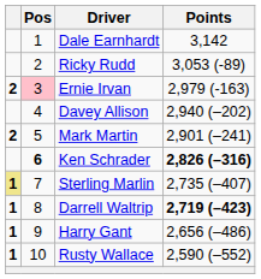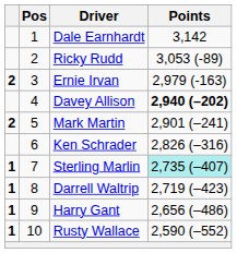 <table class="wikitable" style="font-size: 95%;">
 <tr>
 <th></th>
 <th>Pos</th>
 <th>Driver</th>
 <th>Points</th>
 </tr>
 <tr>
 <td align="left"></td>
 <td style="text-align:center;">1</td>
 <td><a href='#'>Dale Earnhardt</a></td>
 <td style="text-align:center;">3,142</td>
 </tr>
 <tr>
 <td align="left"></td>
 <td style="text-align:center;">2</td>
 <td><a href='#'>Ricky Rudd</a></td>
 <td style="text-align:center;">3,053 (-89)</td>
 </tr>
 <tr>
 <td align="left"> <strong>2</strong></td>
-<td style="background: pink; text-align:center;">3</td>
+<td style="text-align:center;">3</td>
 <td><a href='#'>Ernie Irvan</a></td>
 <td style="text-align:center;">2,979 (-163)</td>
 </tr>
 <tr>
 <td align="left"></td>
 <td style="text-align:center;">4</td>
 <td><a href='#'>Davey Allison</a></td>
-<td style="text-align:center;">2,940 (–202)</td>
+<td style="text-align:center;"><strong>2,940 (–202)</strong></td>
 </tr>
 <tr>
 <td align="left"> <strong>2</strong></td>
 <td style="text-align:center;">5</td>
 <td><a href='#'>Mark Martin</a></td>
 <td style="text-align:center;">2,901 (–241)</td>
 </tr>
 <tr>
 <td align="left"></td>
-<td style="text-align:center;"><strong>6</strong></td>
+<td style="text-align:center;">6</td>
 <td><a href='#'>Ken Schrader</a></td>
-<td style="text-align:center;"><strong>2,826 (–316)</strong></td>
+<td style="text-align:center;">2,826 (–316)</td>
 </tr>
 <tr>
-<td align="left" style="background: khaki;"> <strong>1</strong></td>
+<td align="left"> <strong>1</strong></td>
 <td style="text-align:center;">7</td>
 <td><a href='#'>Sterling Marlin</a></td>
-<td style="text-align:center;">2,735 (–407)</td>
+<td style="background: paleturquoise; text-align:center;">2,735 (–407)</td>
 </tr>
 <tr>
 <td align="left"> <strong>1</strong></td>
 <td style="text-align:center;">8</td>
 <td><a href='#'>Darrell Waltrip</a></td>
-<td style="text-align:center;"><strong>2,719 (–423)</strong></td>
+<td style="text-align:center;">2,719 (–423)</td>
 </tr>
 <tr>
 <td align="left"> <strong>1</strong></td>
 <td style="text-align:center;">9</td>
 <td><a href='#'>Harry Gant</a></td>
 <td style="text-align:center;">2,656 (–486)</td>
 </tr>
 <tr>
 <td align="left"> <strong>1</strong></td>
 <td style="text-align:center;">10</td>
 <td><a href='#'>Rusty Wallace</a></td>
 <td style="text-align:center;">2,590 (–552)</td>
 </tr>
 <tr class="sortbottom">
 <th colspan="9"></th>
 </tr>
 </table>
